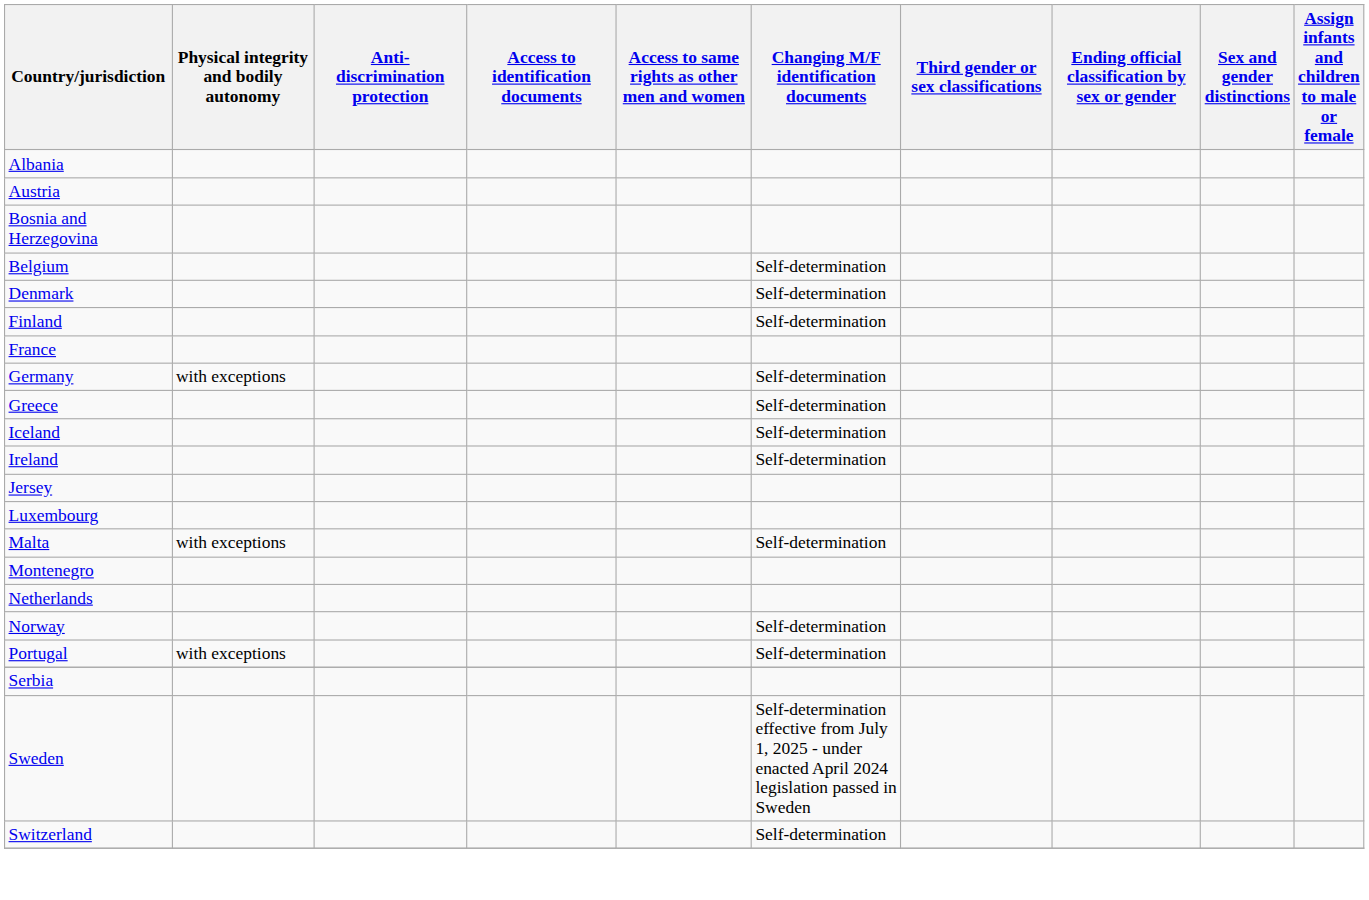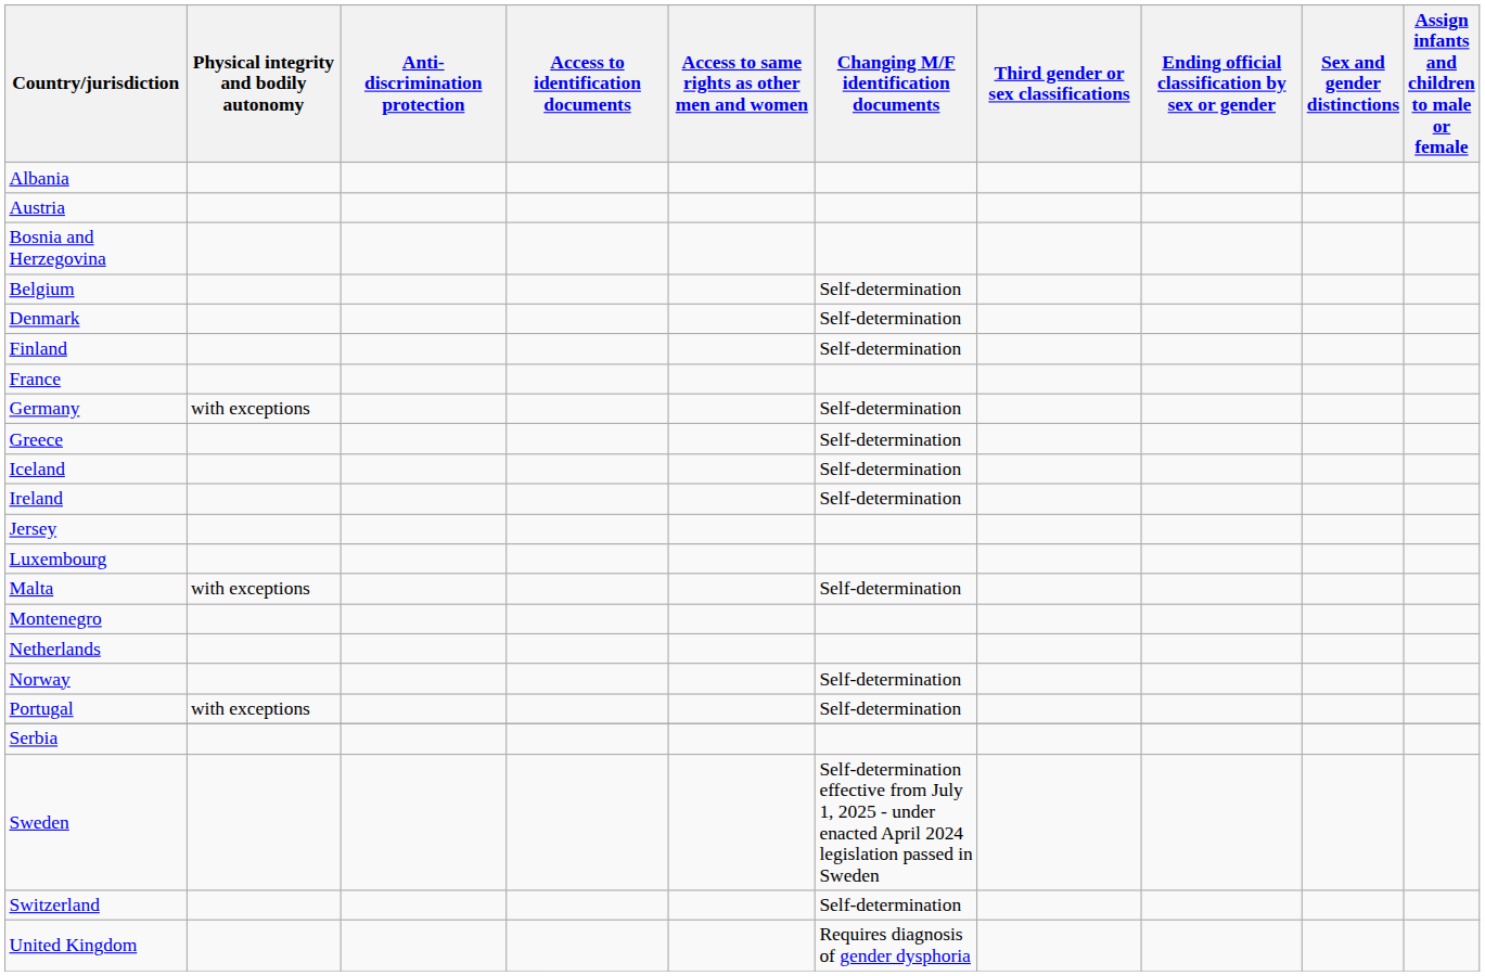 <table class="wikitable">
 <tr>
 <th width="12.5%">Country/jurisdiction</th>
 <th width="12.5%">Physical integrity and bodily autonomy</th>
 <th width="12.5%"><a href='#'>Anti-discrimination protection</a></th>
 <th width="12.5%"><a href='#'>Access to identification documents</a></th>
 <th width="12.5%"><a href='#'>Access to same rights as other men and women</a></th>
 <th width="12.5%"><a href='#'>Changing M/F identification documents</a></th>
 <th width="12.5%"><a href='#'>Third gender or sex classifications</a></th>
 <th width="12.5%"><a href='#'>Ending official classification by sex or gender</a></th>
 <th width="12.5%"><a href='#'>Sex and gender distinctions</a></th>
 <th width="12.5%"><a href='#'>Assign infants and children to male or female</a></th>
 </tr>
 <tr>
 <td> <a href='#'>Albania</a></td>
 <td> </td>
 <td> </td>
 <td></td>
 <td></td>
 <td></td>
 <td></td>
 <td></td>
 <td></td>
 <td></td>
 </tr>
 <tr>
 <td> <a href='#'>Austria</a></td>
 <td></td>
 <td></td>
 <td></td>
 <td></td>
 <td></td>
 <td> </td>
 <td></td>
 <td></td>
 <td></td>
 </tr>
 <tr>
 <td> <a href='#'>Bosnia and Herzegovina</a></td>
 <td> </td>
 <td> </td>
 <td></td>
 <td></td>
 <td></td>
 <td></td>
 <td></td>
 <td></td>
 <td></td>
 </tr>
 <tr>
 <td> <a href='#'>Belgium</a></td>
 <td></td>
 <td> </td>
 <td> </td>
 <td> </td>
 <td>   Self-determination</td>
 <td> </td>
 <td></td>
 <td></td>
 <td></td>
 </tr>
 <tr>
 <td> <a href='#'>Denmark</a></td>
 <td> </td>
 <td> </td>
 <td></td>
 <td></td>
 <td>  Self-determination</td>
 <td> </td>
 <td></td>
 <td></td>
 <td></td>
 </tr>
 <tr>
 <td> <a href='#'>Finland</a></td>
 <td> </td>
 <td> </td>
 <td></td>
 <td> </td>
 <td>   Self-determination</td>
 <td> </td>
 <td></td>
 <td></td>
 <td></td>
 </tr>
 <tr>
 <td> <a href='#'>France</a></td>
 <td> </td>
 <td> </td>
 <td></td>
 <td> </td>
 <td>  </td>
 <td> </td>
 <td></td>
 <td></td>
 <td></td>
 </tr>
 <tr>
 <td> <a href='#'>Germany</a></td>
 <td>  with exceptions</td>
 <td> </td>
 <td></td>
 <td> </td>
 <td>  Self-determination</td>
 <td> </td>
 <td></td>
 <td></td>
 <td></td>
 </tr>
 <tr>
 <td> <a href='#'>Greece</a></td>
 <td> </td>
 <td> </td>
 <td></td>
 <td></td>
 <td>  Self-determination</td>
 <td></td>
 <td></td>
 <td></td>
 <td></td>
 </tr>
 <tr>
 <td> <a href='#'>Iceland</a></td>
 <td> </td>
 <td> </td>
 <td> </td>
 <td> </td>
 <td>  Self-determination</td>
 <td> </td>
 <td></td>
 <td></td>
 <td></td>
 </tr>
 <tr>
 <td> <a href='#'>Ireland</a></td>
 <td> </td>
 <td> </td>
 <td></td>
 <td></td>
 <td>  Self-determination</td>
 <td> </td>
 <td></td>
 <td></td>
 <td></td>
 </tr>
 <tr>
 <td> <a href='#'>Jersey</a></td>
 <td> </td>
 <td> </td>
 <td></td>
 <td></td>
 <td></td>
 <td></td>
 <td></td>
 <td></td>
 <td></td>
 </tr>
 <tr>
 <td> <a href='#'>Luxembourg</a></td>
 <td></td>
 <td> </td>
 <td> </td>
 <td> </td>
 <td> </td>
 <td> </td>
 <td></td>
 <td></td>
 <td></td>
 </tr>
 <tr>
 <td> <a href='#'>Malta</a></td>
 <td>  with exceptions</td>
 <td> </td>
 <td> </td>
 <td> </td>
 <td>  Self-determination</td>
 <td> </td>
 <td></td>
 <td></td>
 <td></td>
 </tr>
 <tr>
 <td> <a href='#'>Montenegro</a></td>
 <td></td>
 <td></td>
 <td></td>
 <td></td>
 <td></td>
 <td></td>
 <td></td>
 <td></td>
 <td></td>
 </tr>
 <tr>
 <td> <a href='#'>Netherlands</a></td>
 <td></td>
 <td> </td>
 <td> </td>
 <td> </td>
 <td>  </td>
 <td> </td>
 <td></td>
 <td></td>
 <td></td>
 </tr>
 <tr>
 <td> <a href='#'>Norway</a></td>
 <td></td>
 <td> </td>
 <td> </td>
 <td> </td>
 <td>   Self-determination</td>
 <td> </td>
 <td></td>
 <td></td>
 <td></td>
 </tr>
 <tr>
 <td> <a href='#'>Portugal</a></td>
 <td>  with exceptions</td>
 <td> </td>
 <td> </td>
 <td> </td>
 <td>   Self-determination</td>
 <td> </td>
 <td></td>
 <td></td>
 <td></td>
 </tr>
 <tr>
 </tr>
 <tr>
 <td> <a href='#'>Serbia</a></td>
 <td> </td>
 <td> </td>
 <td></td>
 <td></td>
 <td></td>
 <td></td>
 <td></td>
 <td></td>
 <td></td>
 </tr>
 <tr>
 <td> <a href='#'>Sweden</a></td>
 <td> </td>
 <td> </td>
 <td> </td>
 <td> </td>
 <td> Self-determination effective from July 1, 2025 - under enacted April 2024 legislation passed in Sweden</td>
 <td> </td>
 <td> </td>
 <td> </td>
 <td> </td>
 </tr>
 <tr>
 <td> <a href='#'>Switzerland</a></td>
 <td> </td>
 <td> </td>
 <td></td>
 <td></td>
 <td> Self-determination</td>
 <td> </td>
 <td></td>
 <td></td>
 <td></td>
 </tr>
 <tr>
+<td> <a href='#'>United Kingdom</a></td>
+<td> </td>
+<td> </td>
+<td></td>
+<td></td>
+<td> Requires diagnosis of <a href='#'>gender dysphoria</a></td>
+<td> </td>
+<td></td>
+<td></td>
+<td></td>
+</tr>
+<tr>
 </tr>
 </table>
